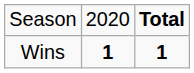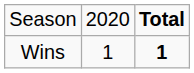 <table class="wikitable sortable">
 <tr>
 <td>Season</td>
 <td>2020</td>
 <td><strong>Total</strong></td>
 </tr>
 <tr align=center>
 <td>Wins</td>
-<td><strong>1</strong></td>
+<td>1</td>
 <td><strong>1</strong></td>
 </tr>
 </table>
